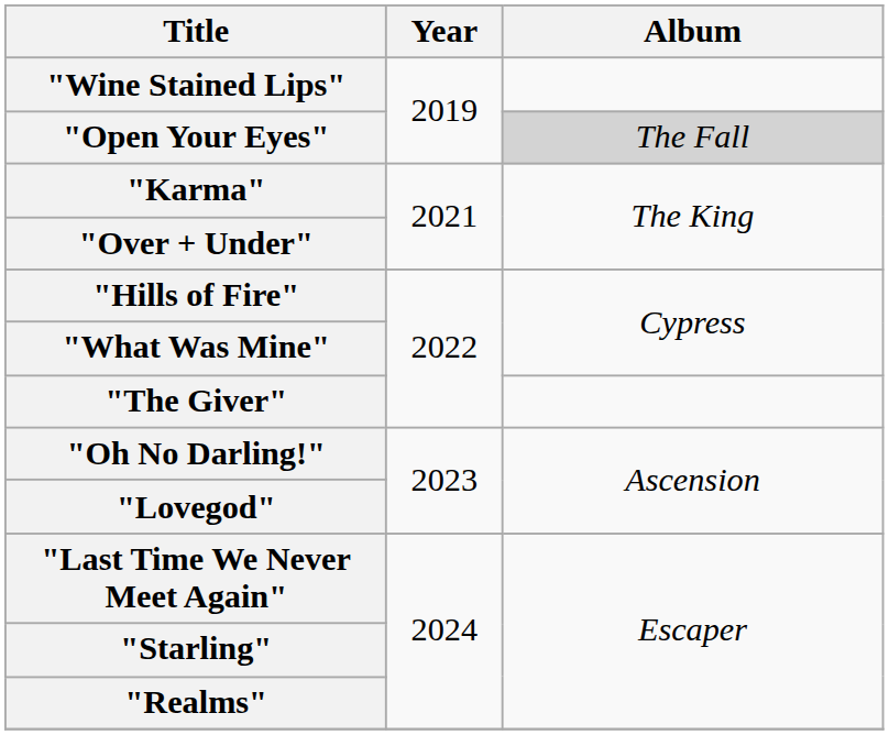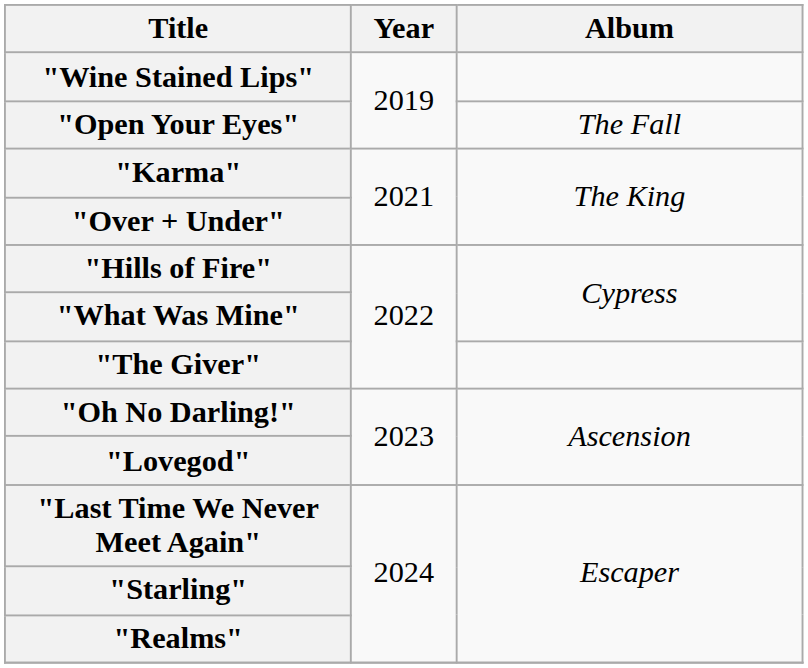 <table class="wikitable plainrowheaders" style="text-align:center;" border="1">
 <tr>
 <th scope="col" style="width:11em;">Title</th>
 <th scope="col" style="width:3em;">Year</th>
 <th scope="col" style="width:11em;">Album</th>
 </tr>
 <tr>
 <th scope="row">"Wine Stained Lips"</th>
 <td rowspan="2">2019</td>
 <td></td>
 </tr>
 <tr>
 <th scope="row">"Open Your Eyes"</th>
-<td style="background: lightgrey;"><em>The Fall</em></td>
+<td><em>The Fall</em></td>
 </tr>
 <tr>
 <th scope="row">"Karma"</th>
 <td rowspan="2">2021</td>
 <td rowspan="2"><em>The King</em></td>
 </tr>
 <tr>
 <th scope="row">"Over + Under"</th>
 </tr>
 <tr>
 <th scope="row">"Hills of Fire"</th>
 <td rowspan="3">2022</td>
 <td rowspan="2"><em>Cypress</em></td>
 </tr>
 <tr>
 <th scope="row">"What Was Mine"</th>
 </tr>
 <tr>
 <th scope="row">"The Giver"</th>
 <td></td>
 </tr>
 <tr>
 <th scope="row">"Oh No Darling!"</th>
 <td rowspan="2">2023</td>
 <td rowspan="2"><em>Ascension</em></td>
 </tr>
 <tr>
 <th scope="row">"Lovegod"</th>
 </tr>
 <tr>
 <th scope="row">"Last Time We Never Meet Again"</th>
 <td rowspan="3">2024</td>
 <td rowspan="3"><em>Escaper</em></td>
 </tr>
 <tr>
 <th scope="row">"Starling"</th>
 </tr>
 <tr>
 <th scope="row">"Realms"</th>
 </tr>
 <tr>
 </tr>
 </table>
